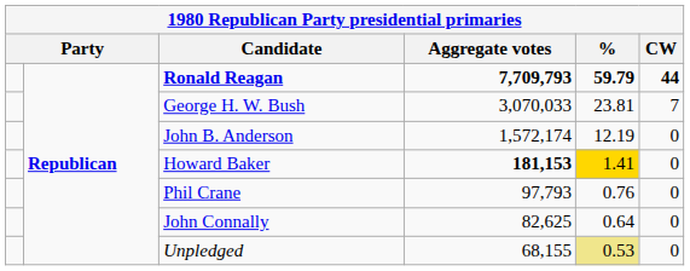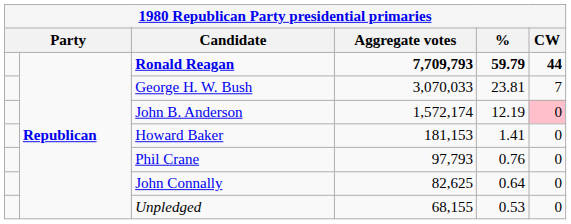 <table class="wikitable">
 <tr>
 <th colspan=6 style="background:#f5f5f5"><a href='#'>1980 Republican Party presidential primaries</a></th>
 </tr>
 <tr>
 <th style="width: 8em;" colspan=2>Party</th>
 <th>Candidate</th>
 <th>Aggregate votes</th>
 <th>%</th>
 <th><abbr>CW</abbr></th>
 </tr>
 <tr>
 <td style="background-color: "></td>
 <td style="width: 7em;" rowspan=7><strong><a href='#'>Republican</a></strong></td>
 <td style="width: 13em;"><strong><a href='#'>Ronald Reagan</a></strong></td>
 <td style="width: 9em; text-align:right"><strong>7,709,793</strong></td>
 <td style="width: 3em; text-align:right"><strong>59.79</strong></td>
 <td style="width: 2em; text-align:right"><strong>44</strong></td>
 </tr>
 <tr>
 <td style="background-color: "></td>
 <td><a href='#'>George H. W. Bush</a></td>
 <td style="text-align:right">3,070,033</td>
 <td style="text-align:right">23.81</td>
 <td style="text-align:right">7</td>
 </tr>
 <tr>
 <td style="background-color: "></td>
 <td><a href='#'>John B. Anderson</a></td>
 <td style="text-align:right">1,572,174</td>
 <td style="text-align:right">12.19</td>
-<td style="text-align:right">0</td>
+<td style="background: pink; text-align:right">0</td>
 </tr>
 <tr>
 <td style="background-color: "></td>
 <td><a href='#'>Howard Baker</a></td>
-<td style="text-align:right"><strong>181,153</strong></td>
-<td style="background: gold; text-align:right">1.41</td>
+<td style="text-align:right">181,153</td>
+<td style="text-align:right">1.41</td>
 <td style="text-align:right">0</td>
 </tr>
 <tr>
 <td style="background-color: "></td>
 <td><a href='#'>Phil Crane</a></td>
 <td style="text-align:right">97,793</td>
 <td style="text-align:right">0.76</td>
 <td style="text-align:right">0</td>
 </tr>
 <tr>
 <td style="background-color: "></td>
 <td><a href='#'>John Connally</a></td>
 <td style="text-align:right">82,625</td>
 <td style="text-align:right">0.64</td>
 <td style="text-align:right">0</td>
 </tr>
 <tr>
 <td style="background-color: "></td>
 <td><em>Unpledged</em></td>
 <td style="text-align:right">68,155</td>
-<td style="background: khaki; text-align:right">0.53</td>
+<td style="text-align:right">0.53</td>
 <td style="text-align:right">0</td>
 </tr>
 </table>
